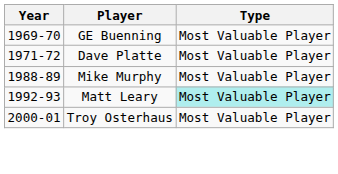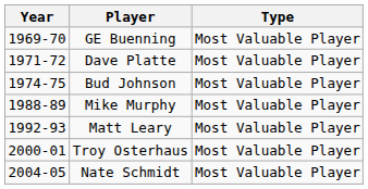 <table class="wikitable" style="text-align: center">
 <tr align=center>
 <th>Year</th>
 <th>Player</th>
 <th>Type</th>
 </tr>
 <tr>
 <td>1969-70</td>
 <td>GE Buenning</td>
 <td>Most Valuable Player</td>
 </tr>
 <tr>
 <td>1971-72</td>
 <td>Dave Platte</td>
 <td>Most Valuable Player</td>
 </tr>
 <tr>
+<td>1974-75</td>
+<td>Bud Johnson</td>
+<td>Most Valuable Player</td>
+</tr>
+<tr>
 <td>1988-89</td>
 <td>Mike Murphy</td>
 <td>Most Valuable Player</td>
 </tr>
 <tr>
 <td>1992-93</td>
 <td>Matt Leary</td>
-<td style="background: paleturquoise;">Most Valuable Player</td>
+<td>Most Valuable Player</td>
 </tr>
 <tr>
 <td>2000-01</td>
 <td>Troy Osterhaus</td>
 <td>Most Valuable Player</td>
 </tr>
+<tr>
+<td>2004-05</td>
+<td>Nate Schmidt</td>
+<td>Most Valuable Player</td>
+</tr>
 </table>
